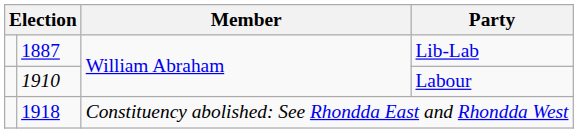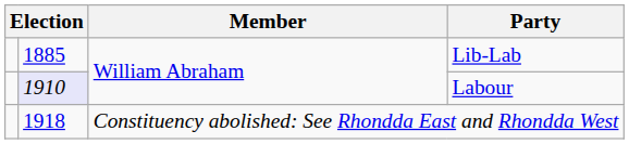 <table class="wikitable">
 <tr>
 <th colspan="2">Election</th>
 <th>Member</th>
 <th>Party</th>
 </tr>
 <tr>
 <td style="color:inherit;background-color: "></td>
-<td><a href='#'>1887</a></td>
+<td><a href='#'>1885</a></td>
 <td rowspan="2"><a href='#'>William Abraham</a></td>
 <td><a href='#'>Lib-Lab</a></td>
 </tr>
 <tr>
 <td style="color:inherit;background-color: "></td>
-<td><em>1910</em></td>
+<td style="background: lavender;"><em>1910</em></td>
 <td><a href='#'>Labour</a></td>
 </tr>
 <tr>
 <td></td>
 <td><a href='#'>1918</a></td>
 <td colspan="2"><em>Constituency abolished: See <a href='#'>Rhondda East</a> and <a href='#'>Rhondda West</a></em></td>
 </tr>
 </table>
